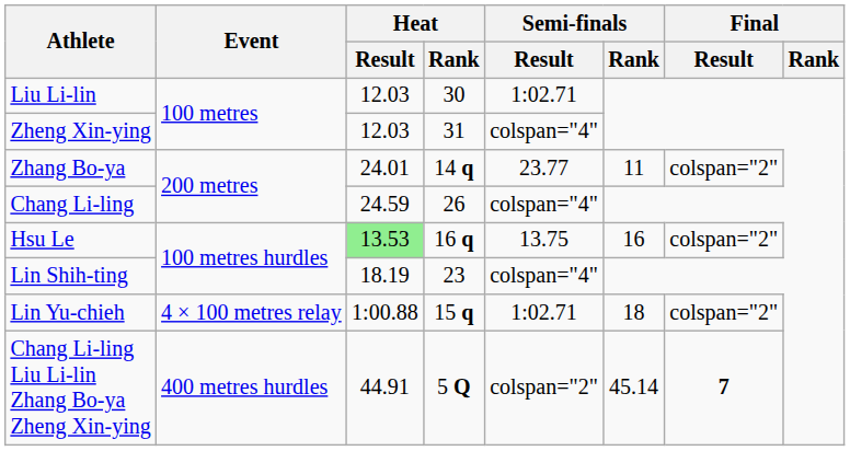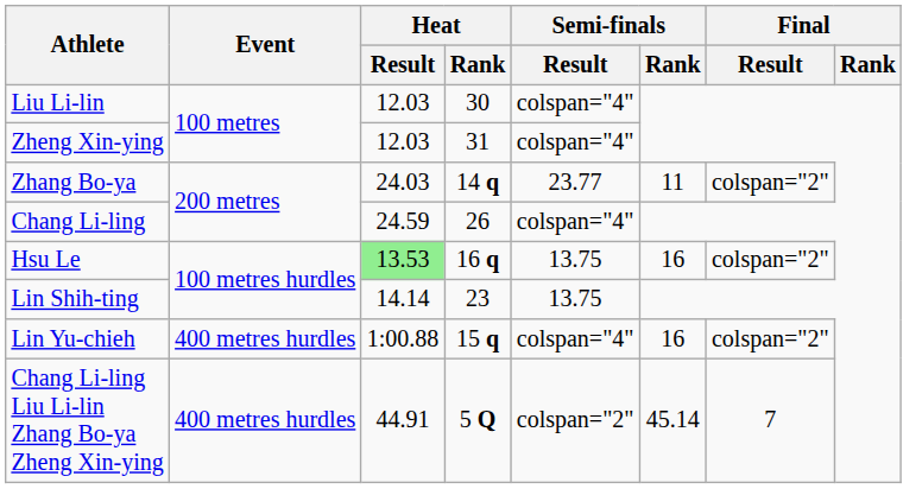 <table class="wikitable" style="font-size:90%; text-align:center">
 <tr>
 <th rowspan="2">Athlete</th>
 <th rowspan="2">Event</th>
 <th colspan="2">Heat</th>
 <th colspan="2">Semi-finals</th>
 <th colspan="2">Final</th>
 </tr>
 <tr>
 <th>Result</th>
 <th>Rank</th>
 <th>Result</th>
 <th>Rank</th>
 <th>Result</th>
 <th>Rank</th>
 </tr>
 <tr>
 <td align="left"><a href='#'>Liu Li-lin</a></td>
 <td align="left" rowspan="2"><a href='#'>100 metres</a></td>
 <td>12.03</td>
 <td>30</td>
-<td>1:02.71</td>
+<td>colspan="4" </td>
 </tr>
 <tr>
 <td align="left"><a href='#'>Zheng Xin-ying</a></td>
 <td>12.03</td>
 <td>31</td>
 <td>colspan="4" </td>
 </tr>
 <tr>
 <td align="left"><a href='#'>Zhang Bo-ya</a></td>
 <td align="left" rowspan="2"><a href='#'>200 metres</a></td>
-<td>24.01 <strong></strong></td>
+<td>24.03 <strong></strong></td>
 <td>14 <strong>q</strong></td>
 <td>23.77 <strong></strong></td>
 <td>11</td>
 <td>colspan="2" </td>
 </tr>
 <tr>
 <td align="left"><a href='#'>Chang Li-ling</a></td>
 <td>24.59</td>
 <td>26</td>
 <td>colspan="4" </td>
 </tr>
 <tr>
 <td align="left"><a href='#'>Hsu Le</a></td>
 <td align="left" rowspan="2"><a href='#'>100 metres hurdles</a></td>
 <td style="background: lightgreen;">13.53</td>
 <td>16 <strong>q</strong></td>
 <td>13.75</td>
 <td>16</td>
 <td>colspan="2" </td>
 </tr>
 <tr>
 <td align="left"><a href='#'>Lin Shih-ting</a></td>
-<td>18.19</td>
+<td>14.14</td>
 <td>23</td>
-<td>colspan="4" </td>
+<td>13.75</td>
 </tr>
 <tr>
 <td align="left"><a href='#'>Lin Yu-chieh</a></td>
-<td><a href='#'>4 × 100 metres relay</a></td>
+<td align="left"><a href='#'>400 metres hurdles</a></td>
 <td>1:00.88</td>
 <td>15 <strong>q</strong></td>
-<td>1:02.71</td>
-<td>18</td>
+<td>colspan="4" </td>
+<td>16</td>
 <td>colspan="2" </td>
 </tr>
 <tr>
 <td align="left"><a href='#'>Chang Li-ling</a><br><a href='#'>Liu Li-lin</a><br><a href='#'>Zhang Bo-ya</a><br><a href='#'>Zheng Xin-ying</a></td>
 <td align="left"><a href='#'>400 metres hurdles</a></td>
 <td>44.91</td>
 <td>5 <strong>Q</strong></td>
 <td>colspan="2" </td>
 <td>45.14</td>
-<td><strong>7</strong></td>
+<td>7</td>
 </tr>
 </table>
